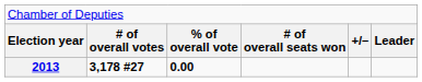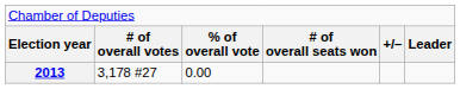 <table class=wikitable>
 <tr>
 <td colspan=6><a href='#'>Chamber of Deputies</a></td>
 </tr>
 <tr>
 <th>Election year</th>
 <th># of<br>overall votes</th>
 <th>% of<br>overall vote</th>
 <th># of<br>overall seats won</th>
 <th>+/–</th>
 <th>Leader</th>
 </tr>
 <tr>
 <th><a href='#'>2013</a></th>
-<td><strong>3,178 #27</strong></td>
-<td><strong>0.00</strong></td>
+<td>3,178 #27</td>
+<td>0.00</td>
 <td></td>
 <td></td>
 <td></td>
 </tr>
 </table>
